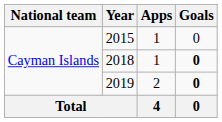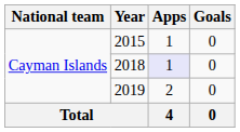 <table class="wikitable" style="text-align:center">
 <tr>
 <th>National team</th>
 <th>Year</th>
 <th>Apps</th>
 <th>Goals</th>
 </tr>
 <tr>
 <td rowspan="3"><a href='#'>Cayman Islands</a></td>
 <td>2015</td>
 <td>1</td>
 <td>0</td>
 </tr>
 <tr>
 <td>2018</td>
-<td>1</td>
-<td><strong>0</strong></td>
+<td style="background: lavender;">1</td>
+<td>0</td>
 </tr>
 <tr>
 <td>2019</td>
 <td>2</td>
-<td><strong>0</strong></td>
+<td>0</td>
 </tr>
 <tr>
 <th colspan=2>Total</th>
 <th>4</th>
 <th>0</th>
 </tr>
 </table>
